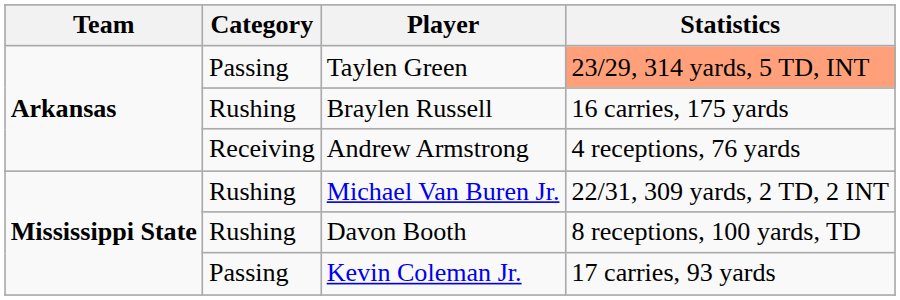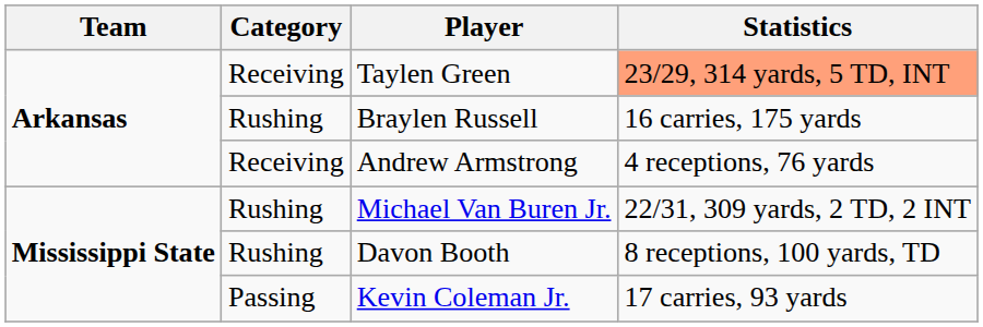 <table class="wikitable" style="float: right;">
 <tr>
 <th>Team</th>
 <th>Category</th>
 <th>Player</th>
 <th>Statistics</th>
 </tr>
 <tr>
 <td rowspan=3><strong>Arkansas</strong></td>
-<td>Passing</td>
+<td>Receiving</td>
 <td>Taylen Green</td>
 <td style="background: lightsalmon;">23/29, 314 yards, 5 TD, INT</td>
 </tr>
 <tr>
 <td>Rushing</td>
 <td>Braylen Russell</td>
 <td>16 carries, 175 yards</td>
 </tr>
 <tr>
 <td>Receiving</td>
 <td>Andrew Armstrong</td>
 <td>4 receptions, 76 yards</td>
 </tr>
 <tr>
 <td rowspan=3><strong>Mississippi State</strong></td>
 <td>Rushing</td>
 <td><a href='#'>Michael Van Buren Jr.</a></td>
 <td>22/31, 309 yards, 2 TD, 2 INT</td>
 </tr>
 <tr>
 <td>Rushing</td>
 <td>Davon Booth</td>
 <td>8 receptions, 100 yards, TD</td>
 </tr>
 <tr>
 <td>Passing</td>
 <td><a href='#'>Kevin Coleman Jr.</a></td>
 <td>17 carries, 93 yards</td>
 </tr>
 </table>
